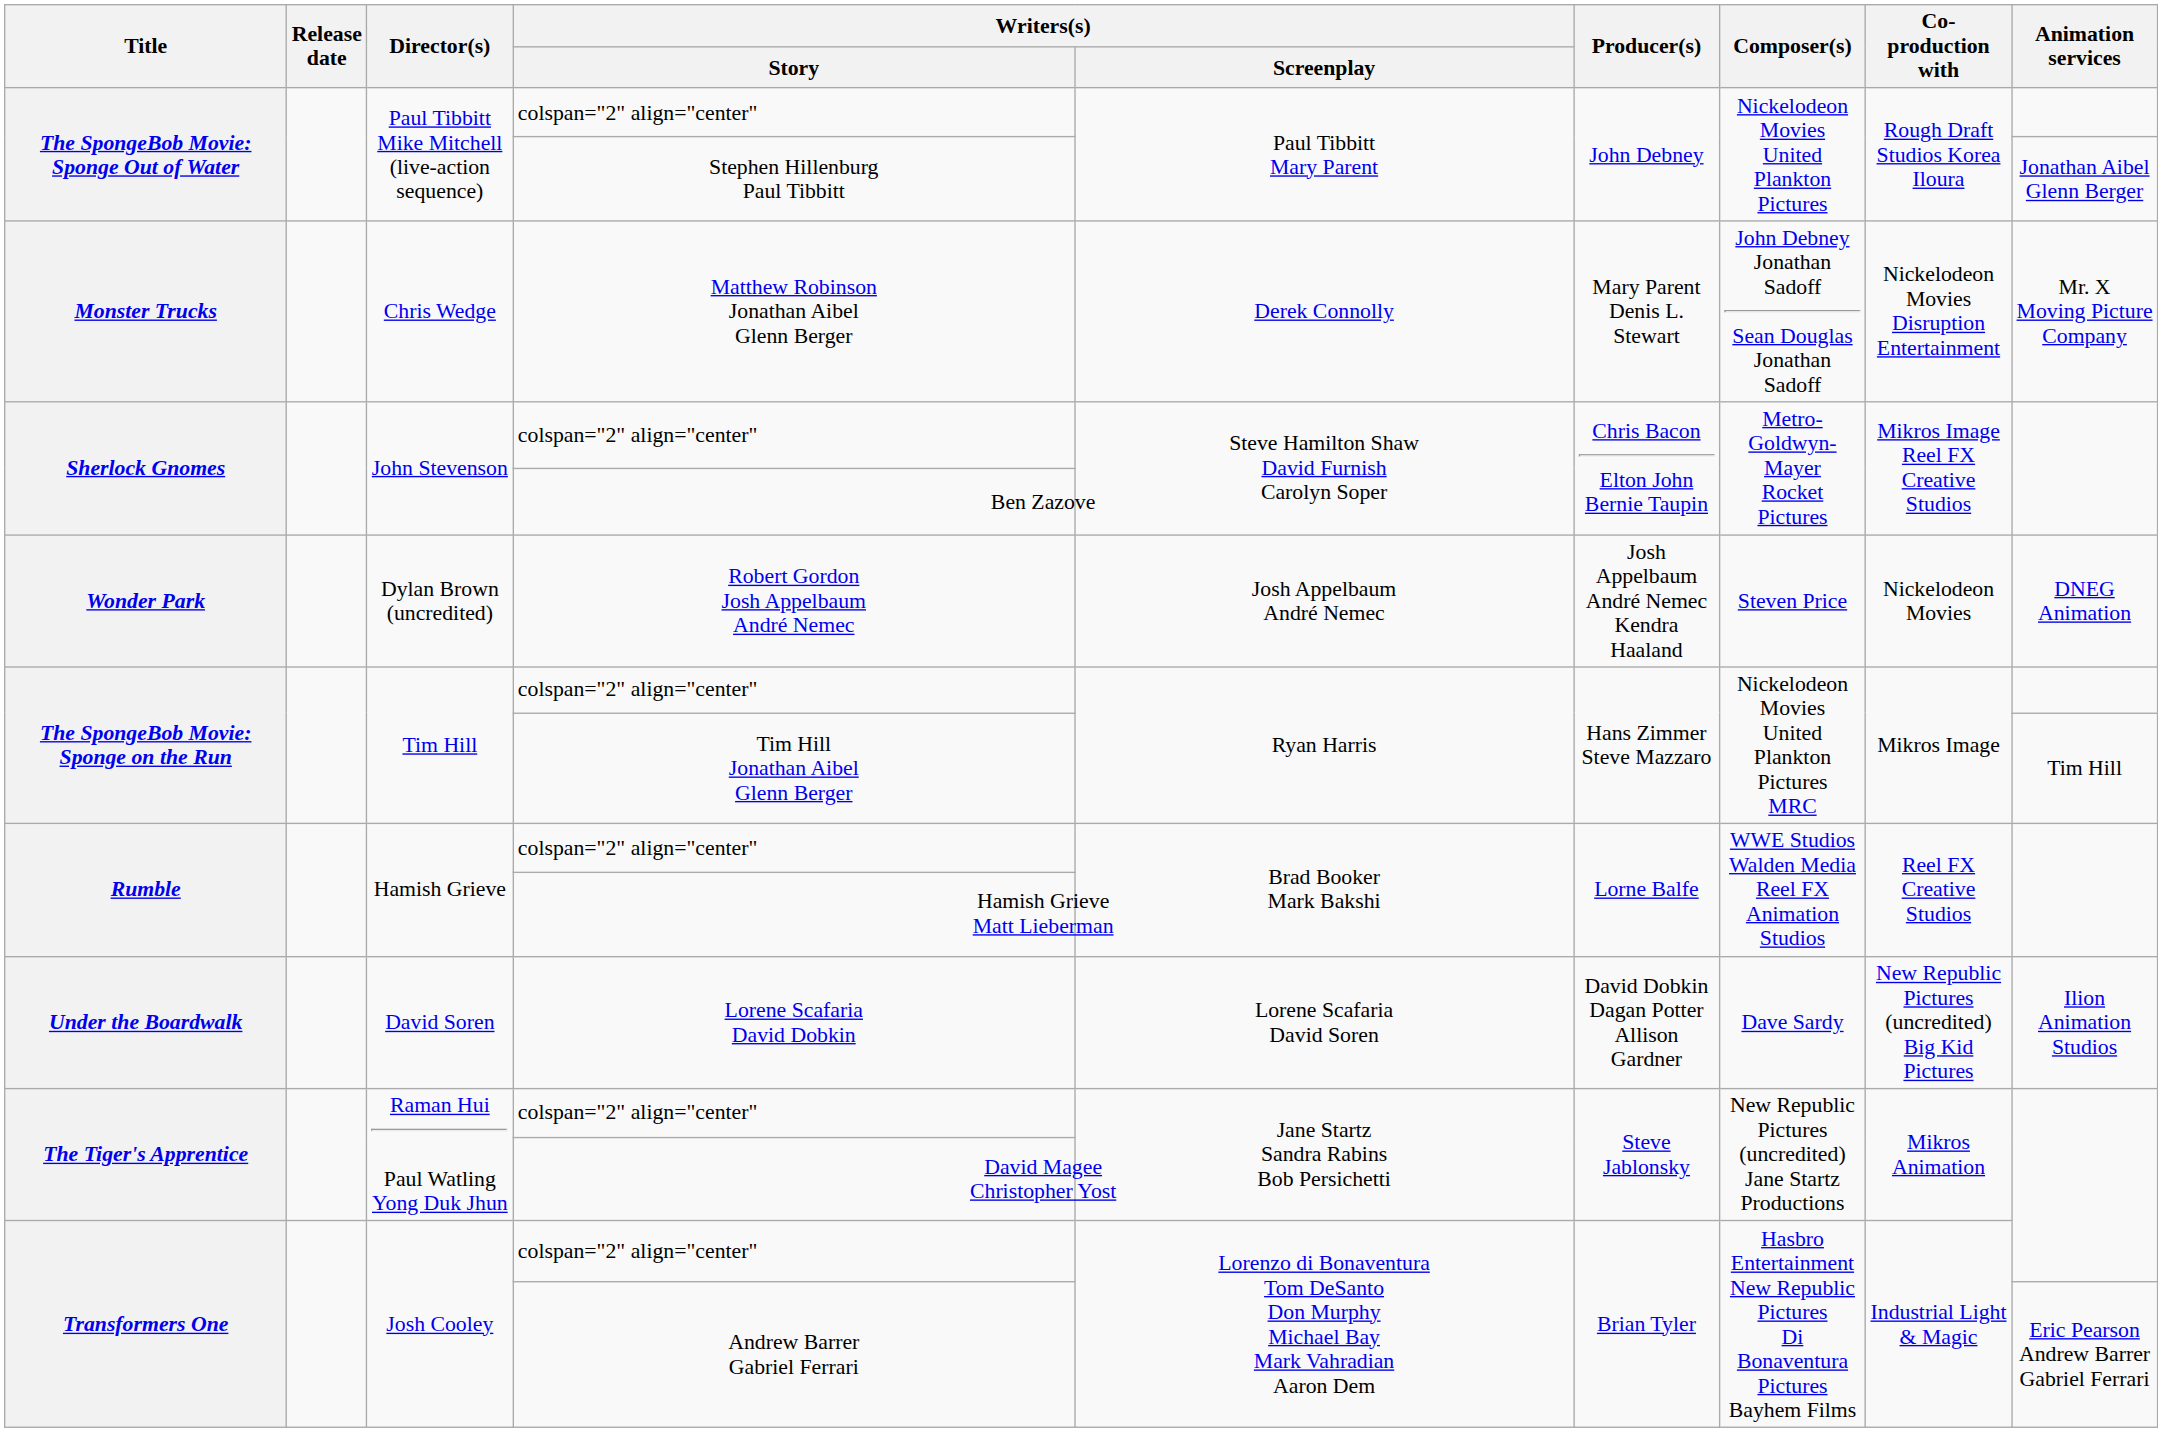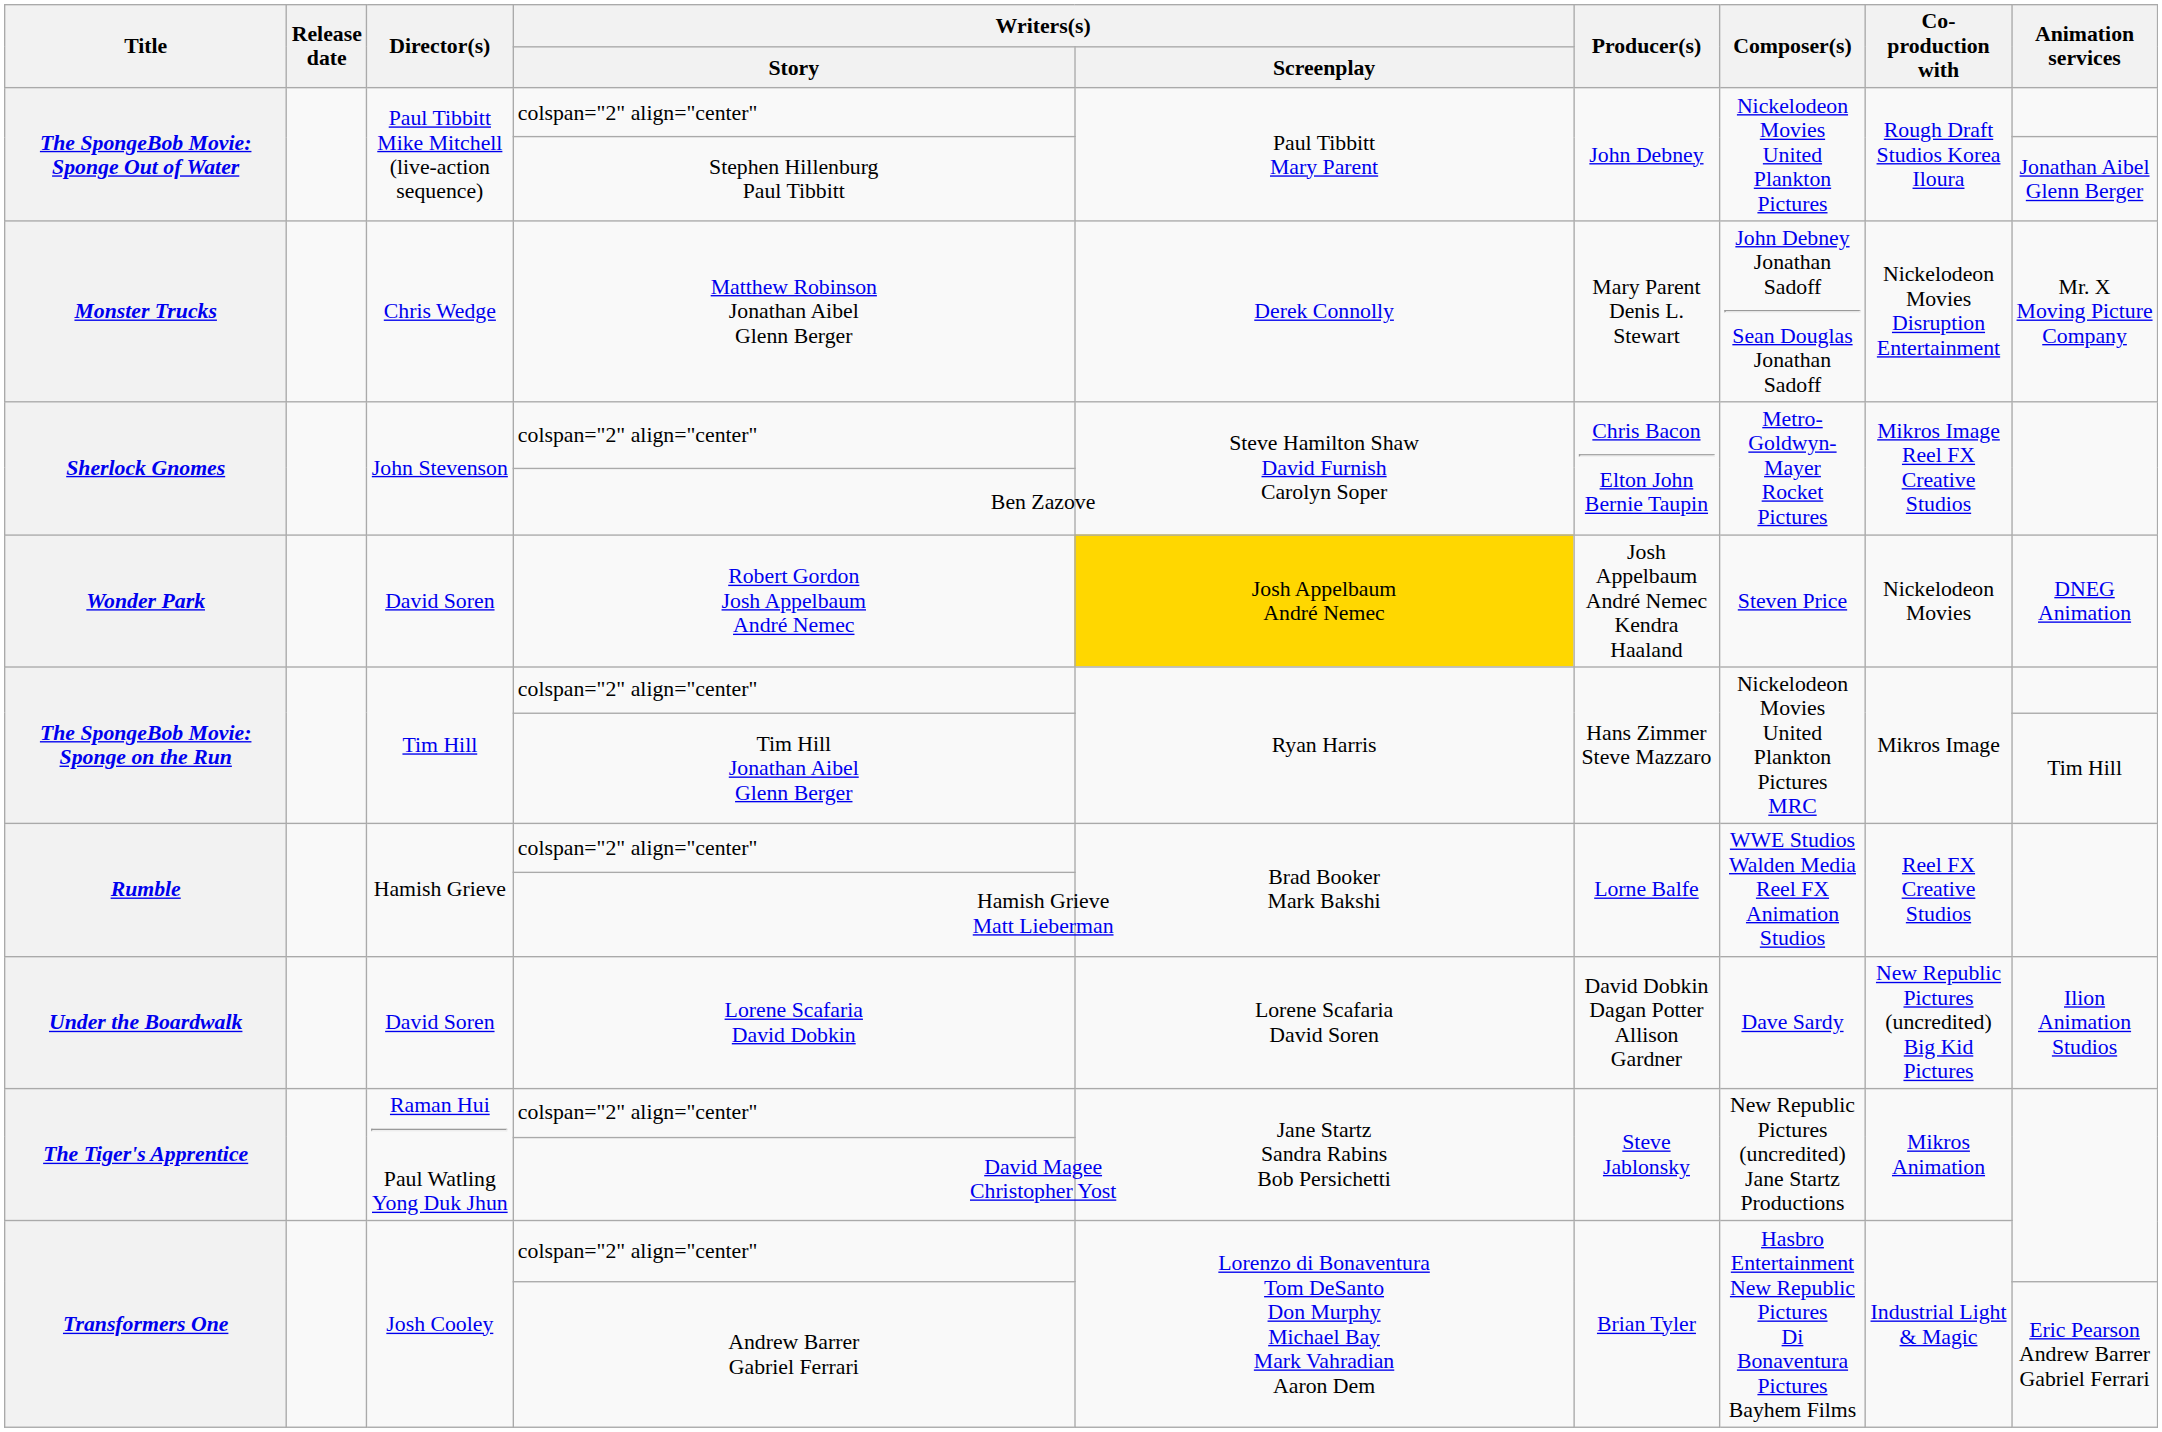 <table class="wikitable plainrowheaders sortable" style="width:100%;">
 <tr>
 <th rowspan="2" width="200">Title</th>
 <th rowspan="2" width="40">Release date</th>
 <th rowspan="2" width="100">Director(s)</th>
 <th colspan="2" width="150">Writers(s)</th>
 <th rowspan="2" width="100">Producer(s)</th>
 <th rowspan="2" width="100">Composer(s)</th>
 <th rowspan="2" width="100">Co-production with</th>
 <th rowspan="2" width="100">Animation services</th>
 </tr>
 <tr>
 <th>Story</th>
 <th>Screenplay</th>
 </tr>
 <tr>
 <th rowspan="2" scope="row"><em><a href='#'>The SpongeBob Movie: Sponge Out of Water</a></em></th>
 <td rowspan="2" align="center"></td>
 <td rowspan="2" align="center"><a href='#'>Paul Tibbitt</a><br><a href='#'>Mike Mitchell</a> (live-action sequence)</td>
 <td>colspan="2" align="center" </td>
 <td rowspan="2" align="center">Paul Tibbitt<br><a href='#'>Mary Parent</a></td>
 <td rowspan="2" align="center"><a href='#'>John Debney</a></td>
 <td rowspan="2" align="center"><a href='#'>Nickelodeon Movies</a><br><a href='#'>United Plankton Pictures</a></td>
 <td rowspan="2" align="center"><a href='#'>Rough Draft Studios Korea</a><br><a href='#'>Iloura</a></td>
 </tr>
 <tr>
 <td align="center">Stephen Hillenburg<br>Paul Tibbitt</td>
 <td align="center"><a href='#'>Jonathan Aibel<br>Glenn Berger</a></td>
 </tr>
 <tr>
 <th scope="row"><em><a href='#'>Monster Trucks</a></em></th>
 <td align="center"></td>
 <td align="center"><a href='#'>Chris Wedge</a></td>
 <td align="center"><a href='#'>Matthew Robinson</a><br>Jonathan Aibel<br>Glenn Berger</td>
 <td align="center"><a href='#'>Derek Connolly</a></td>
 <td align="center">Mary Parent<br>Denis L. Stewart</td>
 <td align="center"><a href='#'>John Debney</a><br>Jonathan Sadoff<br><hr><a href='#'>Sean Douglas</a><br>Jonathan Sadoff<br></td>
 <td align="center">Nickelodeon Movies<br><a href='#'>Disruption Entertainment</a></td>
 <td align="center">Mr. X<br><a href='#'>Moving Picture Company</a></td>
 </tr>
 <tr>
 <th rowspan="2" scope="row"><em><a href='#'>Sherlock Gnomes</a></em></th>
 <td rowspan="2" align="center"></td>
 <td rowspan="2" align="center"><a href='#'>John Stevenson</a></td>
 <td>colspan="2" align="center" </td>
 <td rowspan="2" align="center">Steve Hamilton Shaw<br><a href='#'>David Furnish</a><br>Carolyn Soper</td>
 <td rowspan="2" align="center"><a href='#'>Chris Bacon</a><br><hr><a href='#'>Elton John</a><br><a href='#'>Bernie Taupin</a><br></td>
 <td rowspan="2" align="center"><a href='#'>Metro-Goldwyn-Mayer</a><br><a href='#'>Rocket Pictures</a></td>
 <td rowspan="2" align="center"><a href='#'>Mikros Image</a><br><a href='#'>Reel FX Creative Studios</a></td>
 </tr>
 <tr>
 <td colspan="2" align="center">Ben Zazove</td>
 </tr>
 <tr>
 <th scope="row"><em><a href='#'>Wonder Park</a></em></th>
 <td align="center"></td>
-<td align="center">Dylan Brown<br>(uncredited)</td>
+<td align="center"><a href='#'>David Soren</a></td>
 <td align="center"><a href='#'>Robert Gordon</a><br><a href='#'>Josh Appelbaum</a><br><a href='#'>André Nemec</a></td>
-<td align="center">Josh Appelbaum<br>André Nemec</td>
+<td align="center" style="background: gold;">Josh Appelbaum<br>André Nemec</td>
 <td align="center">Josh Appelbaum<br>André Nemec<br>Kendra Haaland</td>
 <td align="center"><a href='#'>Steven Price</a></td>
 <td align="center">Nickelodeon Movies</td>
 <td align="center"><a href='#'>DNEG Animation</a></td>
 </tr>
 <tr>
 <th rowspan="2" scope="row"><em><a href='#'>The SpongeBob Movie: Sponge on the Run</a></em></th>
 <td rowspan="2" align="center"></td>
 <td rowspan="2" align="center"><a href='#'>Tim Hill</a></td>
 <td>colspan="2" align="center" </td>
 <td rowspan="2" align="center">Ryan Harris</td>
 <td rowspan="2" align="center">Hans Zimmer<br>Steve Mazzaro</td>
 <td rowspan="2" align="center">Nickelodeon Movies<br>United Plankton Pictures<br><a href='#'>MRC</a></td>
 <td rowspan="2" align="center">Mikros Image</td>
 </tr>
 <tr>
 <td align="center">Tim Hill<br><a href='#'>Jonathan Aibel<br>Glenn Berger</a></td>
 <td align="center">Tim Hill</td>
 </tr>
 <tr>
 <th rowspan="2" scope="row"><em><a href='#'>Rumble</a></em></th>
 <td rowspan="2" align="center"></td>
 <td rowspan="2" align="center">Hamish Grieve</td>
 <td>colspan="2" align="center" </td>
 <td rowspan="2" align="center">Brad Booker<br>Mark Bakshi</td>
 <td rowspan="2" align="center"><a href='#'>Lorne Balfe</a></td>
 <td rowspan="2" align="center"><a href='#'>WWE Studios</a><br><a href='#'>Walden Media</a><br><a href='#'>Reel FX Animation Studios</a></td>
 <td rowspan="2" align="center"><a href='#'>Reel FX Creative Studios</a></td>
 </tr>
 <tr>
 <td colspan="2" align="center">Hamish Grieve<br><a href='#'>Matt Lieberman</a></td>
 </tr>
 <tr>
 <th scope="row"><em><a href='#'>Under the Boardwalk</a></em></th>
 <td align="center"></td>
 <td align="center"><a href='#'>David Soren</a></td>
 <td align="center"><a href='#'>Lorene Scafaria</a><br><a href='#'>David Dobkin</a></td>
 <td align="center">Lorene Scafaria<br>David Soren</td>
 <td align="center">David Dobkin<br>Dagan Potter<br>Allison Gardner</td>
 <td align="center"><a href='#'>Dave Sardy</a></td>
 <td align="center"><a href='#'>New Republic Pictures</a> (uncredited)<br><a href='#'>Big Kid Pictures</a></td>
 <td align="center"><a href='#'>Ilion Animation Studios</a></td>
 </tr>
 <tr>
 <th rowspan="2" scope="row"><em><a href='#'>The Tiger's Apprentice</a></em></th>
 <td rowspan="2" align="center"></td>
 <td rowspan="2" align="center"><a href='#'>Raman Hui</a><hr> <br> Paul Watling<br><a href='#'>Yong Duk Jhun</a></td>
 <td>colspan="2" align="center" </td>
 <td rowspan="2" align="center">Jane Startz<br>Sandra Rabins<br>Bob Persichetti</td>
 <td rowspan="2" align="center"><a href='#'>Steve Jablonsky</a></td>
 <td rowspan="2" align="center">New Republic Pictures (uncredited)<br>Jane Startz Productions</td>
 <td rowspan="2" align="center"><a href='#'>Mikros Animation</a></td>
 </tr>
 <tr>
 <td colspan="2" align="center"><a href='#'>David Magee</a><br><a href='#'>Christopher Yost</a></td>
 </tr>
 <tr>
 <th rowspan="3" scope="row"><em><a href='#'>Transformers One</a></em></th>
 <td rowspan="3" align="center"></td>
 <td rowspan="3" align="center"><a href='#'>Josh Cooley</a></td>
 <td>colspan="2" align="center" </td>
 <td rowspan="3" align="center"><a href='#'>Lorenzo di Bonaventura</a><br><a href='#'>Tom DeSanto</a><br><a href='#'>Don Murphy</a><br><a href='#'>Michael Bay</a><br><a href='#'>Mark Vahradian</a><br>Aaron Dem</td>
 <td rowspan="3" align="center"><a href='#'>Brian Tyler</a></td>
 <td rowspan="3" align="center"><a href='#'>Hasbro Entertainment</a><br><a href='#'>New Republic Pictures</a><br><a href='#'>Di Bonaventura Pictures</a><br>Bayhem Films</td>
 <td rowspan="3" align="center"><a href='#'>Industrial Light & Magic</a></td>
 </tr>
 <tr>
 <td align="center">Andrew Barrer<br>Gabriel Ferrari</td>
 <td align="center"><a href='#'>Eric Pearson</a><br>Andrew Barrer<br>Gabriel Ferrari</td>
 </tr>
 </table>
